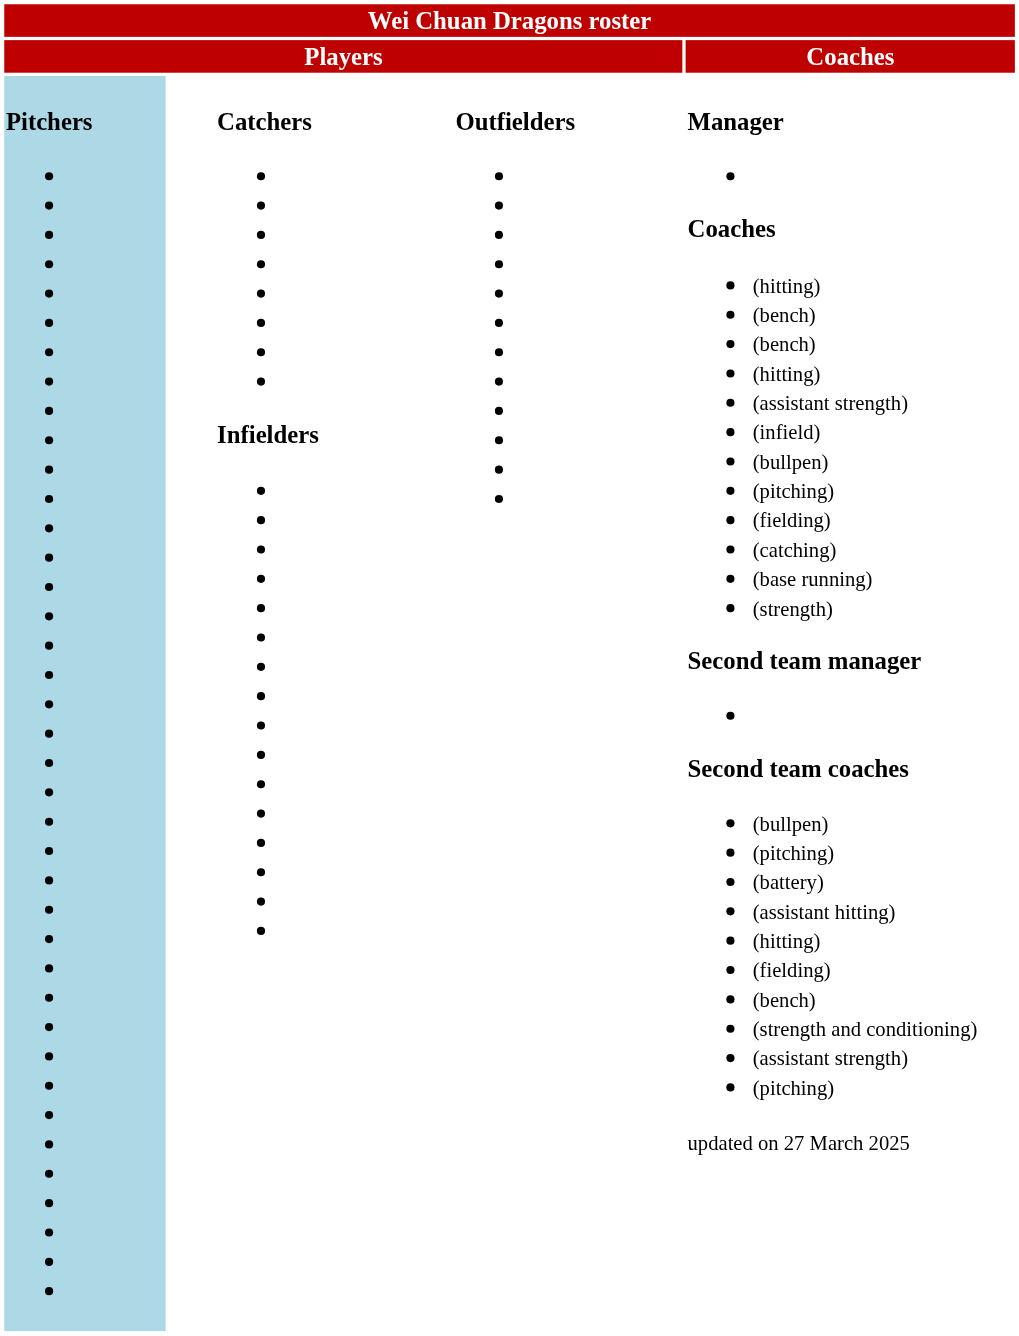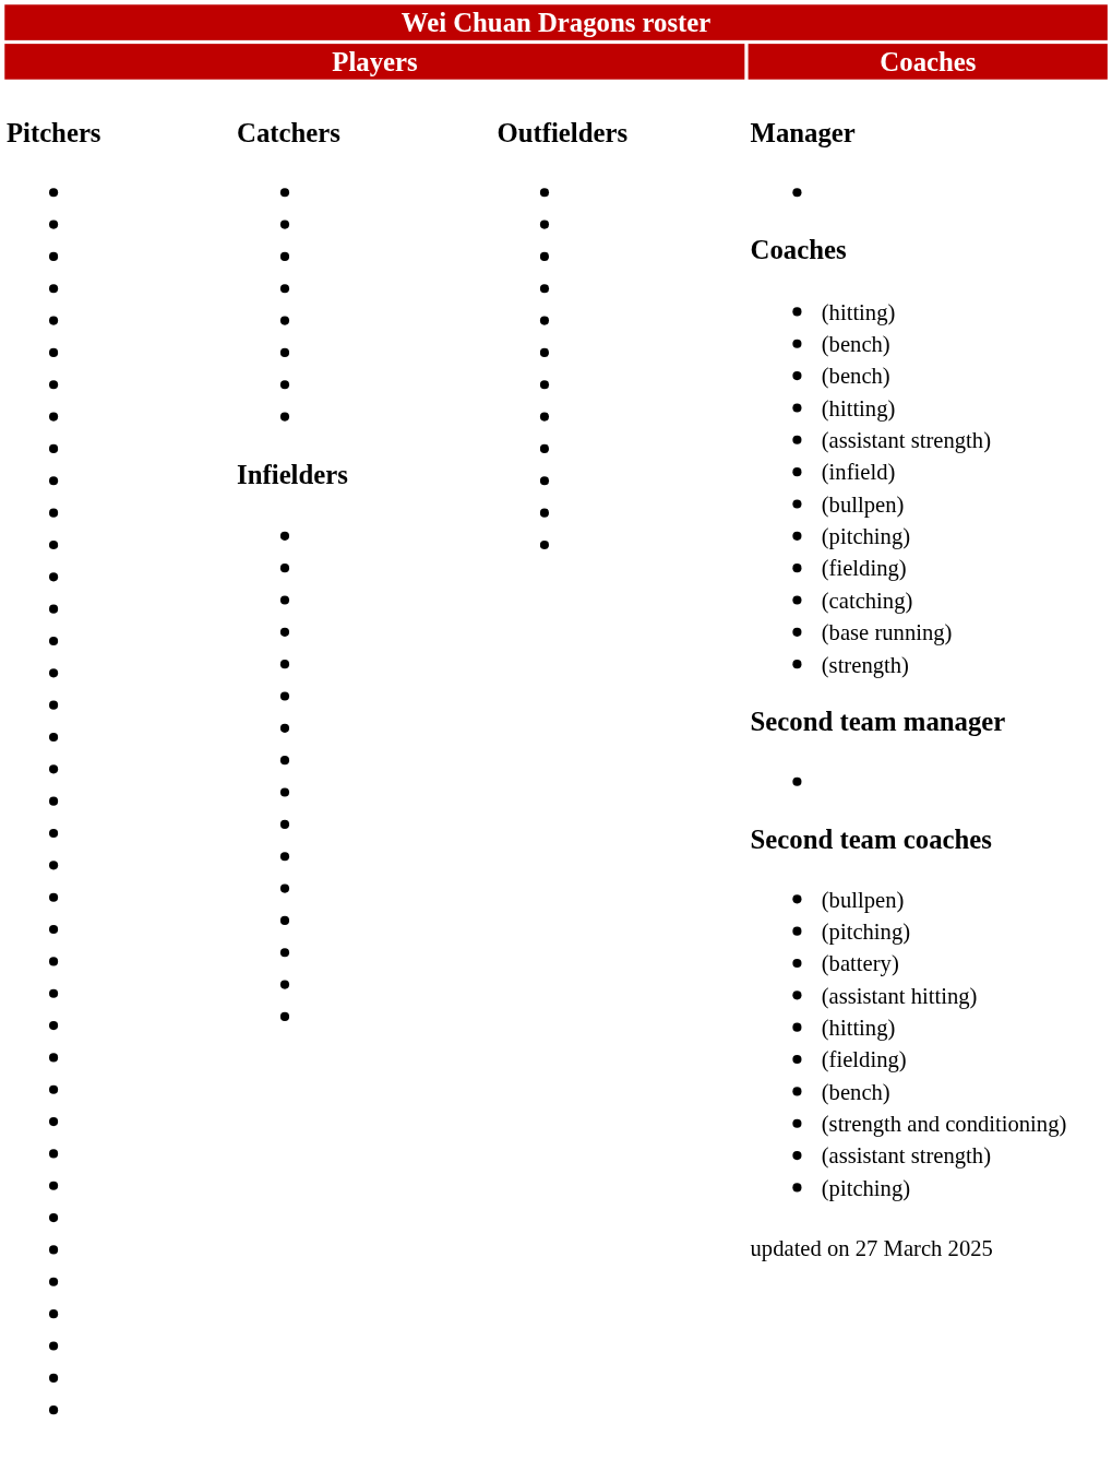 <table class="toccolours" style="font-size: 95%;">
 <tr>
 <th colspan=9 style="background:#bf0000; color:white; text-align: center;">Wei Chuan Dragons roster</th>
 </tr>
 <tr style="vertical-align:top;">
 <td colspan="6" style="background-color:#bf0000; color: white; text-align: center;" width="440"><strong>Players</strong></td>
 <td colspan="2" style="background-color:#bf0000; color: white; text-align: center;" width="215"><strong>Coaches</strong></td>
 </tr>
 <tr>
-<td style="background: lightblue; vertical-align:top;"><br><strong>Pitchers</strong><ul><li></li><li></li><li></li><li></li><li></li><li></li><li></li><li></li><li></li><li></li><li></li><li></li><li></li><li></li><li></li><li></li><li></li><li></li><li></li><li></li><li></li><li></li><li></li><li></li><li></li><li></li><li></li><li></li><li></li><li></li><li></li><li></li><li></li><li></li><li></li><li></li><li></li><li></li><li></li></ul></td>
+<td style="vertical-align:top;"><br><strong>Pitchers</strong><ul><li></li><li></li><li></li><li></li><li></li><li></li><li></li><li></li><li></li><li></li><li></li><li></li><li></li><li></li><li></li><li></li><li></li><li></li><li></li><li></li><li></li><li></li><li></li><li></li><li></li><li></li><li></li><li></li><li></li><li></li><li></li><li></li><li></li><li></li><li></li><li></li><li></li><li></li><li></li></ul></td>
 <td width="25px"></td>
 <td style="vertical-align:top;"><br><strong>Catchers</strong><ul><li></li><li></li><li></li><li></li><li></li><li></li><li></li><li></li></ul><strong>Infielders</strong><ul><li></li><li></li><li></li><li></li><li></li><li></li><li></li><li></li><li></li><li></li><li></li><li></li><li></li><li></li><li></li><li></li></ul></td>
 <td width="25px"></td>
 <td style="vertical-align:top;"><br><strong>Outfielders</strong><ul><li></li><li></li><li></li><li></li><li></li><li></li><li></li><li></li><li></li><li></li><li></li><li></li></ul></td>
 <td style="vertical-align:top;"></td>
 <td style="vertical-align:top;"><br><strong>Manager</strong><ul><li></li></ul><strong>Coaches</strong><ul><li> <small>(hitting)</small></li><li> <small>(bench)</small></li><li> <small>(bench)</small></li><li> <small>(hitting)</small></li><li> <small>(assistant strength)</small></li><li> <small>(infield)</small></li><li> <small>(bullpen)</small></li><li> <small>(pitching)</small></li><li> <small>(fielding)</small></li><li> <small>(catching)</small></li><li> <small>(base running)</small></li><li> <small>(strength)</small></li></ul><strong>Second team manager</strong><ul><li></li></ul><strong>Second team coaches</strong><ul><li> <small>(bullpen)</small></li><li> <small>(pitching)</small></li><li> <small>(battery)</small></li><li> <small>(assistant hitting)</small></li><li> <small>(hitting)</small></li><li> <small>(fielding)</small></li><li> <small>(bench)</small></li><li> <small>(strength and conditioning)</small></li><li> <small>(assistant strength)</small></li><li> <small>(pitching)</small></li></ul><small> <span></span> updated on 27 March 2025</small></td>
 </tr>
 </table>
